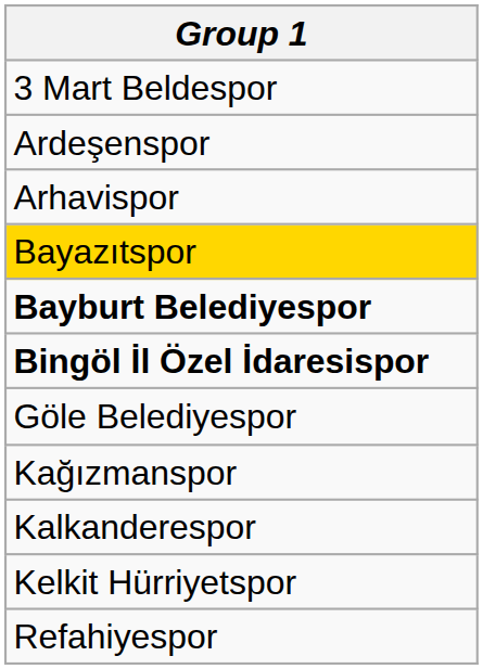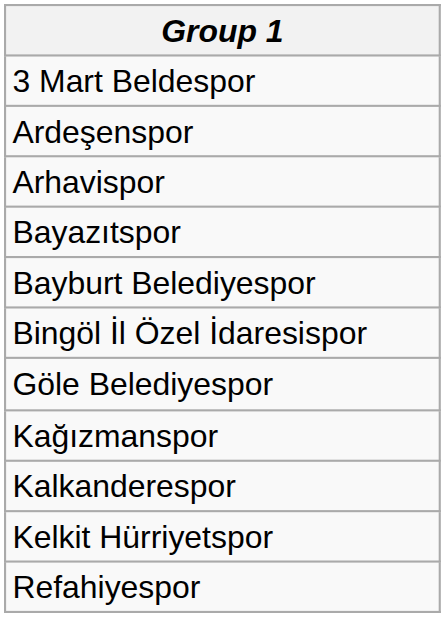 <table class="wikitable collapsible collapsed" style="font-size:95%;">
 <tr>
 <th colspan="1" width="200"><em>Group 1</em></th>
 </tr>
 <tr>
 <td>3 Mart Beldespor</td>
 </tr>
 <tr>
 <td>Ardeşenspor</td>
 </tr>
 <tr>
 <td>Arhavispor</td>
 </tr>
 <tr>
-<td style="background: gold;">Bayazıtspor</td>
+<td>Bayazıtspor</td>
 </tr>
 <tr>
-<td><strong>Bayburt Belediyespor</strong></td>
+<td>Bayburt Belediyespor</td>
 </tr>
 <tr>
-<td><strong>Bingöl İl Özel İdaresispor</strong></td>
+<td>Bingöl İl Özel İdaresispor</td>
 </tr>
 <tr>
 <td>Göle Belediyespor</td>
 </tr>
 <tr>
 <td>Kağızmanspor</td>
 </tr>
 <tr>
 <td>Kalkanderespor</td>
 </tr>
 <tr>
 <td>Kelkit Hürriyetspor</td>
 </tr>
 <tr>
 <td>Refahiyespor</td>
 </tr>
 </table>
